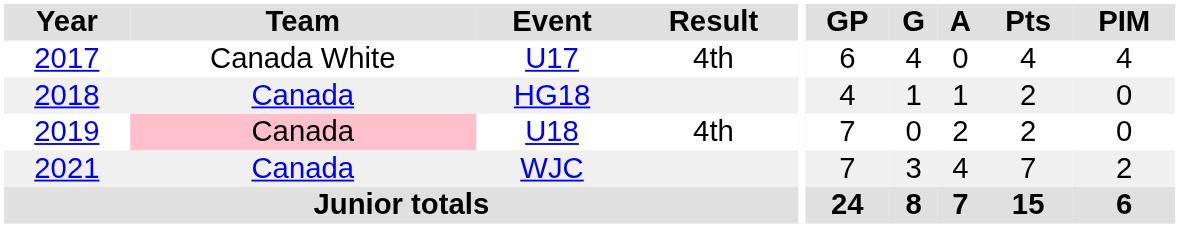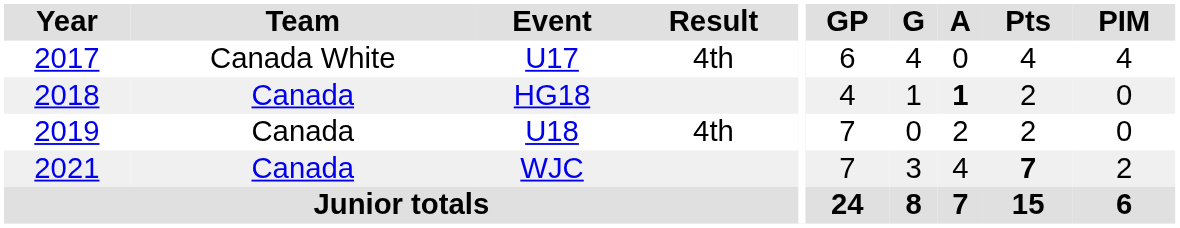 <table border="0" cellpadding="1" cellspacing="0" ID="Table3" style="text-align:center; width:40em;">
 <tr bgcolor="#e0e0e0">
 <th>Year</th>
 <th>Team</th>
 <th>Event</th>
 <th>Result</th>
 <th rowspan="99" bgcolor="#ffffff"></th>
 <th>GP</th>
 <th>G</th>
 <th>A</th>
 <th>Pts</th>
 <th>PIM</th>
 </tr>
 <tr>
 <td><a href='#'>2017</a></td>
 <td>Canada White</td>
 <td><a href='#'>U17</a></td>
 <td>4th</td>
 <td>6</td>
 <td>4</td>
 <td>0</td>
 <td>4</td>
 <td>4</td>
 </tr>
 <tr bgcolor="#f0f0f0">
 <td><a href='#'>2018</a></td>
 <td><a href='#'>Canada</a></td>
 <td><a href='#'>HG18</a></td>
 <td></td>
 <td>4</td>
 <td>1</td>
-<td>1</td>
+<td><strong>1</strong></td>
 <td>2</td>
 <td>0</td>
 </tr>
 <tr>
 <td><a href='#'>2019</a></td>
-<td style="background: pink;">Canada</td>
+<td>Canada</td>
 <td><a href='#'>U18</a></td>
 <td>4th</td>
 <td>7</td>
 <td>0</td>
 <td>2</td>
 <td>2</td>
 <td>0</td>
 </tr>
 <tr bgcolor="#f0f0f0">
 <td><a href='#'>2021</a></td>
 <td><a href='#'>Canada</a></td>
 <td><a href='#'>WJC</a></td>
 <td></td>
 <td>7</td>
 <td>3</td>
 <td>4</td>
-<td>7</td>
+<td><strong>7</strong></td>
 <td>2</td>
 </tr>
 <tr bgcolor="#e0e0e0">
 <th colspan="4">Junior totals</th>
 <th>24</th>
 <th>8</th>
 <th>7</th>
 <th>15</th>
 <th>6</th>
 </tr>
 </table>
